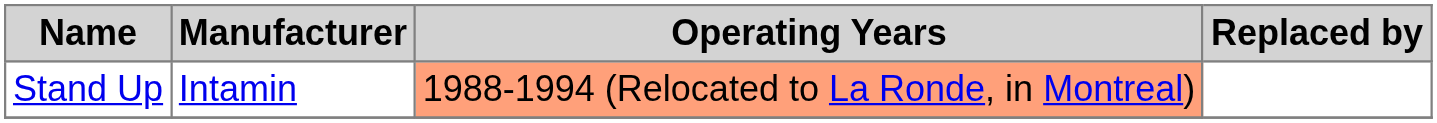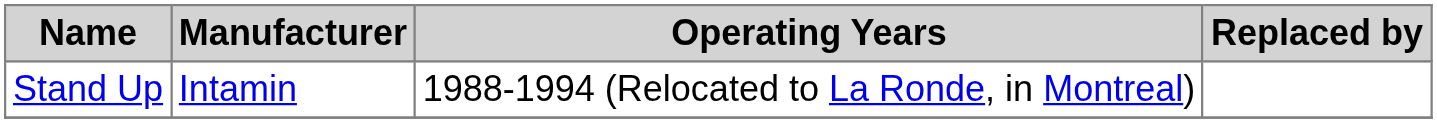 <table class="toccolours" border="1" cellpadding="3" style="border-collapse:collapse">
 <tr bgcolor=lightgray>
 <th>Name</th>
 <th>Manufacturer</th>
 <th>Operating Years</th>
 <th>Replaced by</th>
 </tr>
 <tr>
 <td><a href='#'>Stand Up</a></td>
 <td><a href='#'>Intamin</a></td>
-<td style="background: lightsalmon;">1988-1994 (Relocated to <a href='#'>La Ronde</a>, in <a href='#'>Montreal</a>)</td>
+<td>1988-1994 (Relocated to <a href='#'>La Ronde</a>, in <a href='#'>Montreal</a>)</td>
 <td></td>
 </tr>
 <tr>
 </tr>
 </table>
